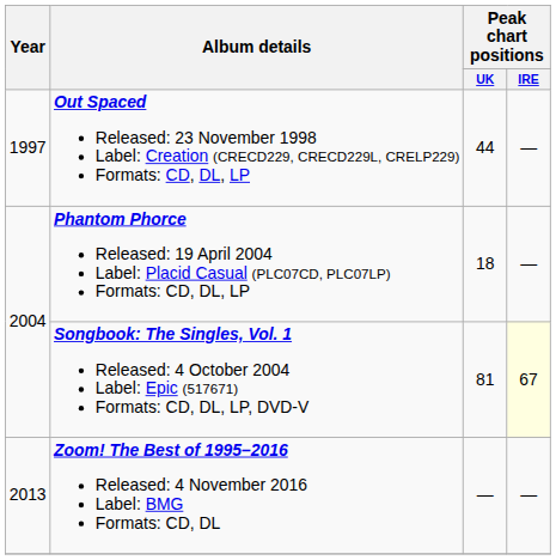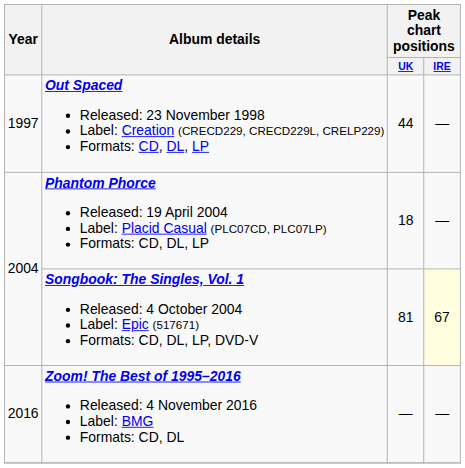 <table class="wikitable" border="1">
 <tr>
 <th rowspan="2">Year</th>
 <th rowspan="2">Album details</th>
 <th colspan="2">Peak chart positions</th>
 </tr>
 <tr>
 <th style="width:3em;font-size:75%;"><a href='#'>UK</a><br></th>
 <th style="width:3em;font-size:75%;"><a href='#'>IRE</a><br></th>
 </tr>
 <tr>
 <td>1997</td>
 <td><strong><em><a href='#'>Out Spaced</a></em></strong><br><ul><li>Released: 23 November 1998</li><li>Label: <a href='#'>Creation</a> <small>(CRECD229, CRECD229L, CRELP229)</small></li><li>Formats: <a href='#'>CD</a>, <a href='#'>DL</a>, <a href='#'>LP</a></li></ul></td>
 <td align="center">44</td>
 <td align="center">—</td>
 </tr>
 <tr>
 <td rowspan="2">2004</td>
 <td><strong><em><a href='#'>Phantom Phorce</a></em></strong><br><ul><li>Released: 19 April 2004</li><li>Label: <a href='#'>Placid Casual</a> <small>(PLC07CD, PLC07LP)</small></li><li>Formats: CD, DL, LP</li></ul></td>
 <td align="center">18</td>
 <td align="center">—</td>
 </tr>
 <tr>
 <td><strong><em><a href='#'>Songbook: The Singles, Vol. 1</a></em></strong><br><ul><li>Released: 4 October 2004</li><li>Label: <a href='#'>Epic</a> <small>(517671)</small></li><li>Formats: CD, DL, LP, DVD-V</li></ul></td>
 <td align="center">81</td>
 <td align="center" style="background: lightyellow;">67</td>
 </tr>
 <tr>
-<td>2013</td>
+<td>2016</td>
 <td><strong><em><a href='#'>Zoom! The Best of 1995–2016</a></em></strong><br><ul><li>Released: 4 November 2016</li><li>Label: <a href='#'>BMG</a></li><li>Formats: CD, DL</li></ul></td>
 <td align="center">—</td>
 <td align="center">—</td>
 </tr>
 <tr>
 </tr>
 </table>
